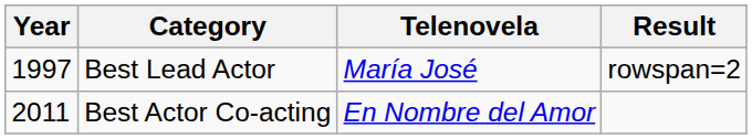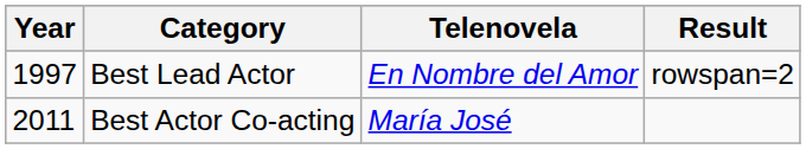 <table class="wikitable">
 <tr style="background:#b0c4de;">
 <th>Year</th>
 <th>Category</th>
 <th>Telenovela</th>
 <th>Result</th>
 </tr>
 <tr>
 <td>1997</td>
 <td>Best Lead Actor</td>
-<td><em><a href='#'>María José</a></em></td>
+<td><em><a href='#'>En Nombre del Amor</a></em></td>
 <td>rowspan=2 </td>
 </tr>
 <tr>
 <td>2011</td>
 <td>Best Actor Co-acting</td>
-<td><em><a href='#'>En Nombre del Amor</a></em></td>
+<td><em><a href='#'>María José</a></em></td>
 </tr>
 </table>
